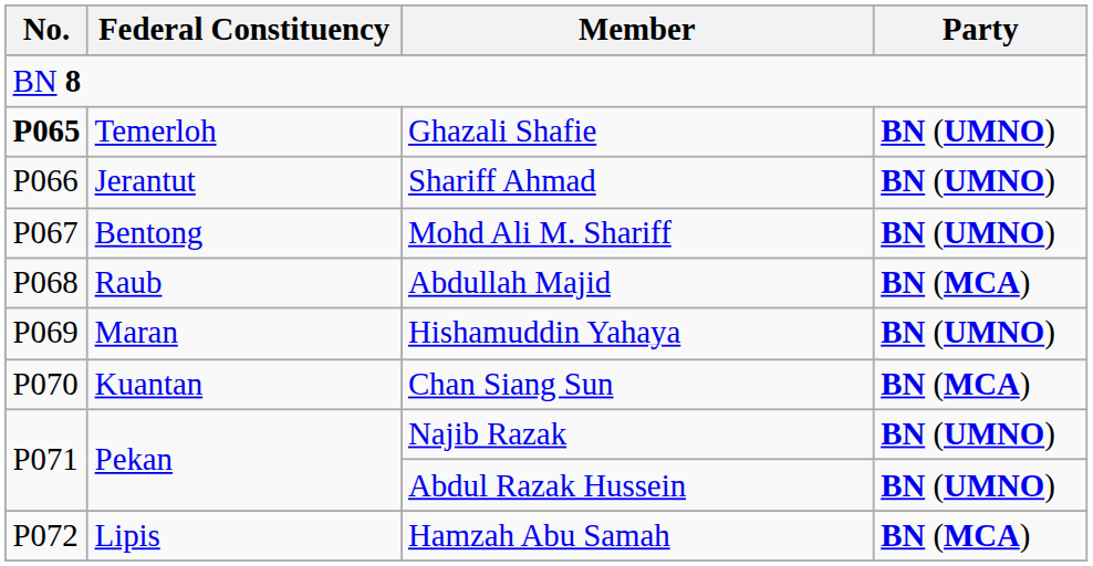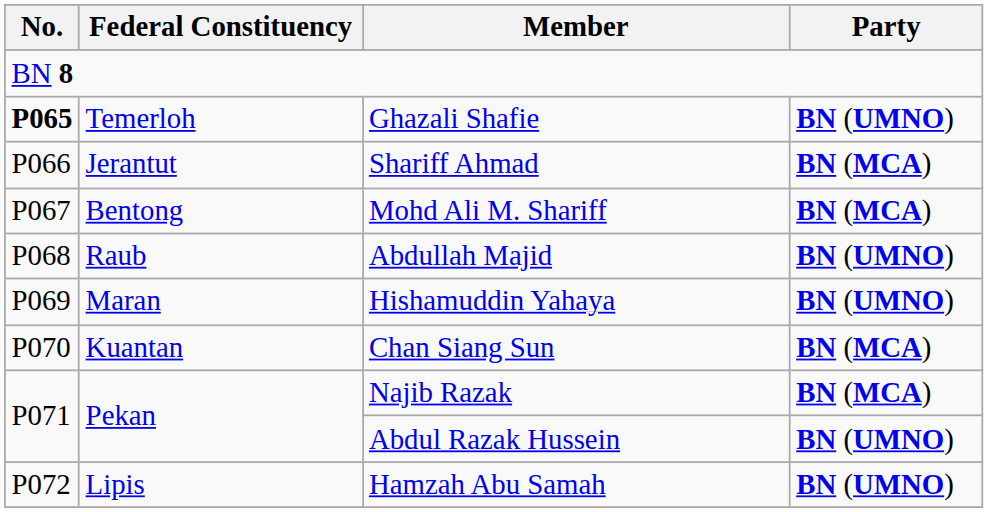 <table class="wikitable sortable">
 <tr>
 <th style="width:30px;">No.</th>
 <th style="width:150px;">Federal Constituency</th>
 <th style="width:230px;">Member</th>
 <th style="width:100px;">Party</th>
 </tr>
 <tr>
 <td colspan="4"><a href='#'>BN</a> <strong>8</strong></td>
 </tr>
 <tr>
 <td><strong>P065</strong></td>
 <td><a href='#'>Temerloh</a></td>
 <td><a href='#'>Ghazali Shafie</a></td>
 <td><strong><a href='#'>BN</a></strong> (<strong><a href='#'>UMNO</a></strong>)</td>
 </tr>
 <tr>
 <td>P066</td>
 <td><a href='#'>Jerantut</a></td>
 <td><a href='#'>Shariff Ahmad</a></td>
-<td><strong><a href='#'>BN</a></strong> (<strong><a href='#'>UMNO</a></strong>)</td>
+<td><strong><a href='#'>BN</a></strong> (<strong><a href='#'>MCA</a></strong>)</td>
 </tr>
 <tr>
 <td>P067</td>
 <td><a href='#'>Bentong</a></td>
 <td><a href='#'>Mohd Ali M. Shariff</a></td>
-<td><strong><a href='#'>BN</a></strong> (<strong><a href='#'>UMNO</a></strong>)</td>
+<td><strong><a href='#'>BN</a></strong> (<strong><a href='#'>MCA</a></strong>)</td>
 </tr>
 <tr>
 <td>P068</td>
 <td><a href='#'>Raub</a></td>
 <td><a href='#'>Abdullah Majid</a></td>
-<td><strong><a href='#'>BN</a></strong> (<strong><a href='#'>MCA</a></strong>)</td>
+<td><strong><a href='#'>BN</a></strong> (<strong><a href='#'>UMNO</a></strong>)</td>
 </tr>
 <tr>
 <td>P069</td>
 <td><a href='#'>Maran</a></td>
 <td><a href='#'>Hishamuddin Yahaya</a></td>
 <td><strong><a href='#'>BN</a></strong> (<strong><a href='#'>UMNO</a></strong>)</td>
 </tr>
 <tr>
 <td>P070</td>
 <td><a href='#'>Kuantan</a></td>
 <td><a href='#'>Chan Siang Sun</a></td>
 <td><strong><a href='#'>BN</a></strong> (<strong><a href='#'>MCA</a></strong>)</td>
 </tr>
 <tr>
 <td rowspan=2>P071</td>
 <td rowspan=2><a href='#'>Pekan</a></td>
 <td><a href='#'>Najib Razak</a> </td>
-<td><strong><a href='#'>BN</a></strong> (<strong><a href='#'>UMNO</a></strong>)</td>
+<td><strong><a href='#'>BN</a></strong> (<strong><a href='#'>MCA</a></strong>)</td>
 </tr>
 <tr>
 <td><a href='#'>Abdul Razak Hussein</a> </td>
 <td><strong><a href='#'>BN</a></strong> (<strong><a href='#'>UMNO</a></strong>)</td>
 </tr>
 <tr>
 <td>P072</td>
 <td><a href='#'>Lipis</a></td>
 <td><a href='#'>Hamzah Abu Samah</a></td>
-<td><strong><a href='#'>BN</a></strong> (<strong><a href='#'>MCA</a></strong>)</td>
+<td><strong><a href='#'>BN</a></strong> (<strong><a href='#'>UMNO</a></strong>)</td>
 </tr>
 </table>
